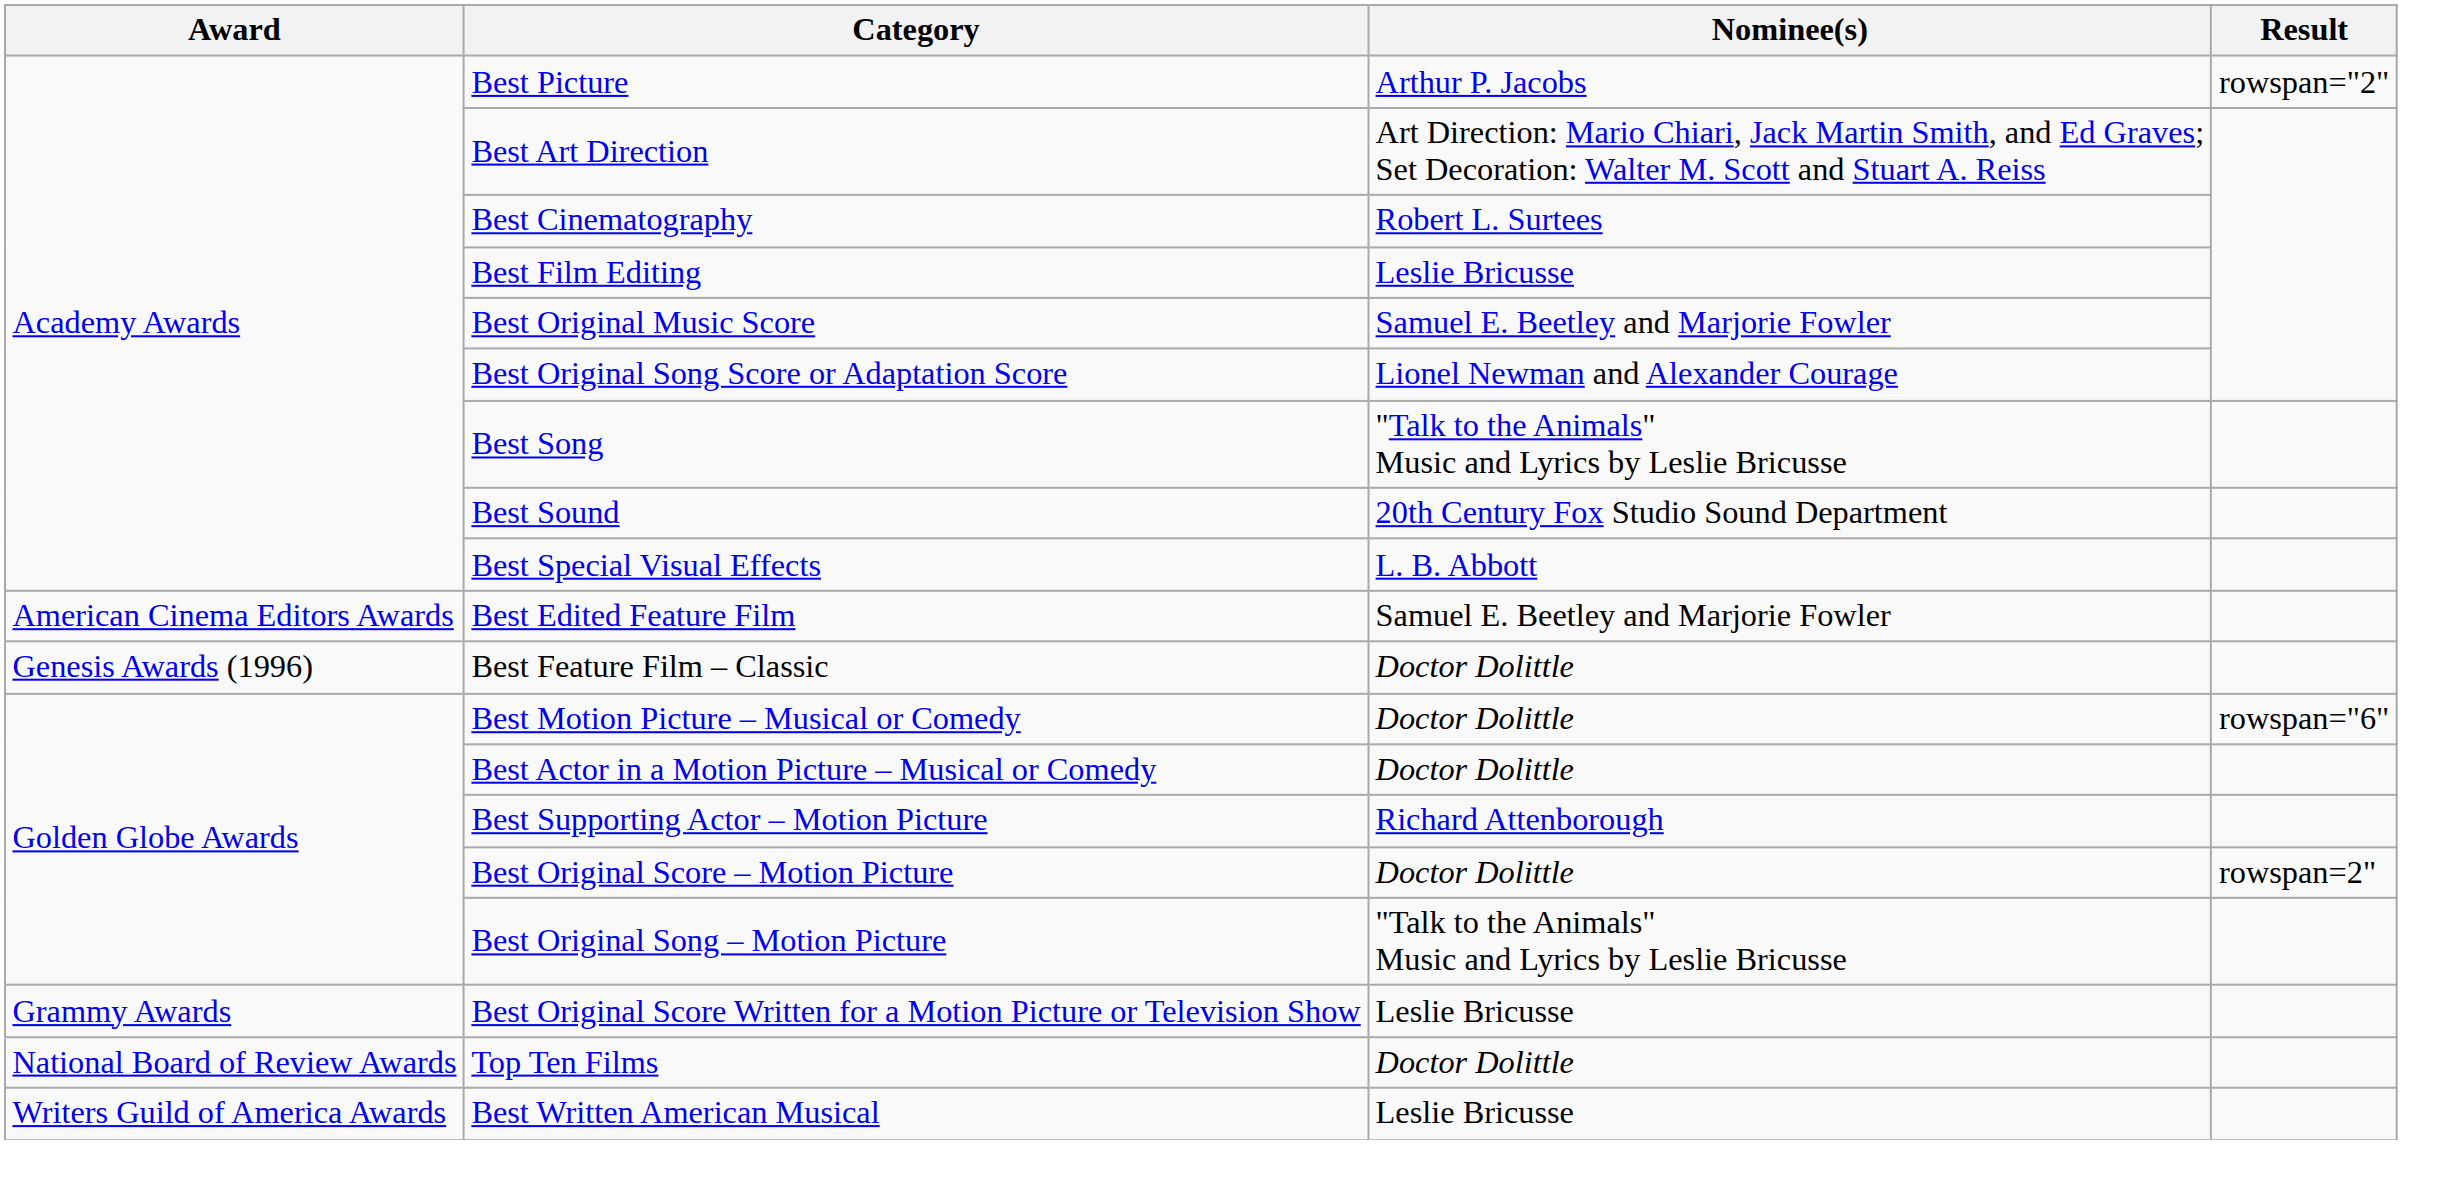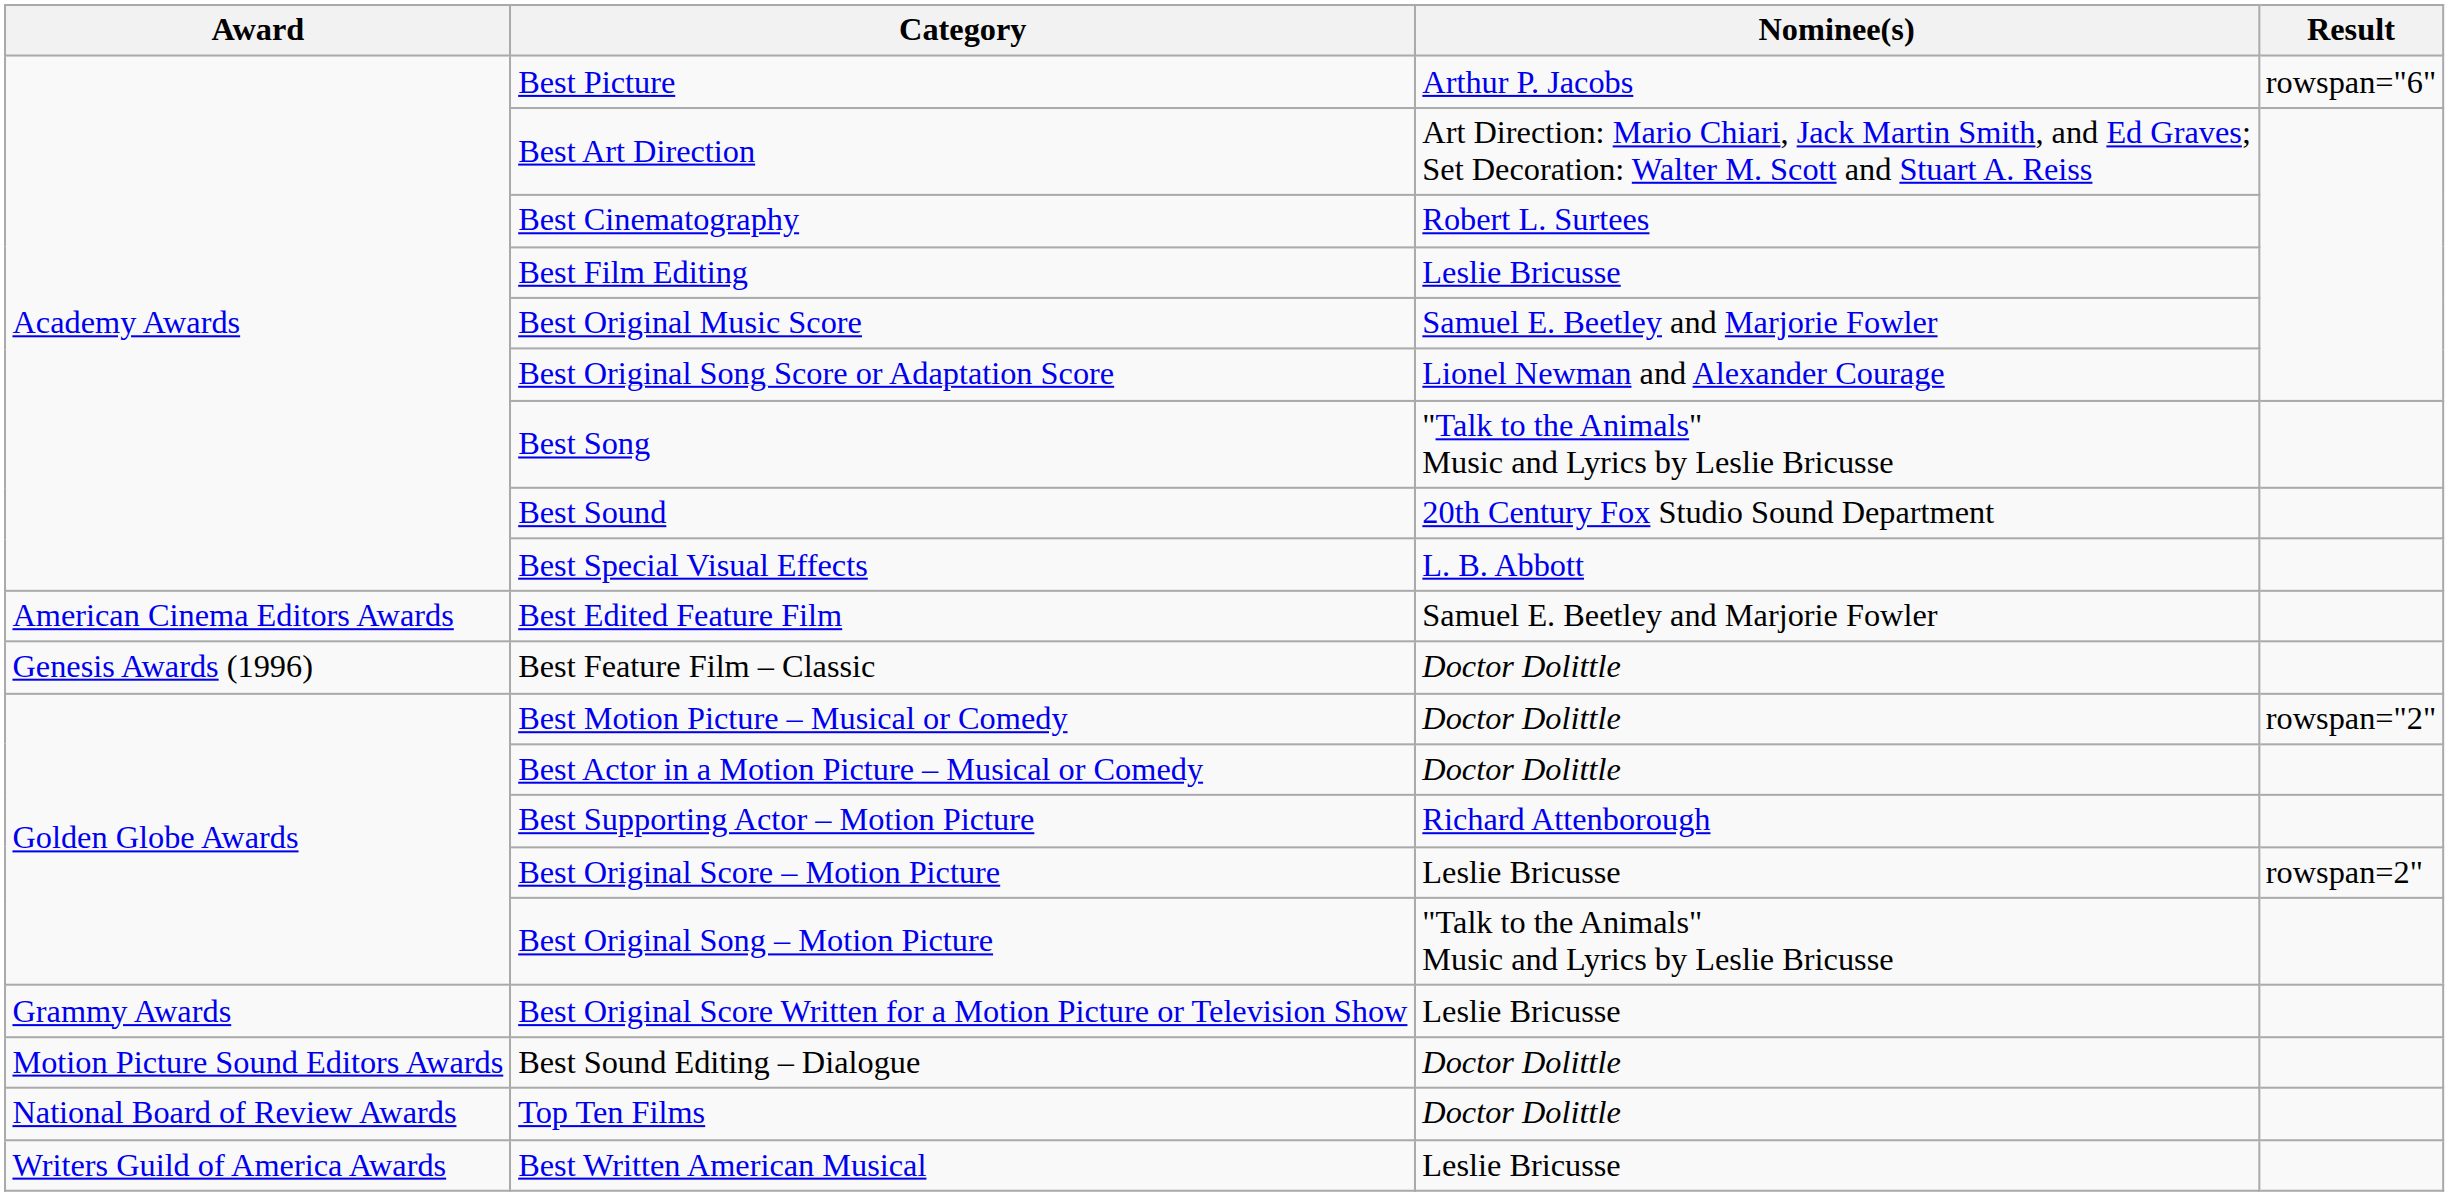 <table class="wikitable sortable plainrowheaders">
 <tr>
 <th>Award</th>
 <th>Category</th>
 <th>Nominee(s)</th>
 <th>Result</th>
 </tr>
 <tr>
 <td rowspan="9"><a href='#'>Academy Awards</a></td>
 <td><a href='#'>Best Picture</a></td>
 <td><a href='#'>Arthur P. Jacobs</a></td>
-<td>rowspan="2" </td>
+<td>rowspan="6" </td>
 </tr>
 <tr>
 <td><a href='#'>Best Art Direction</a></td>
 <td>Art Direction: <a href='#'>Mario Chiari</a>, <a href='#'>Jack Martin Smith</a>, and <a href='#'>Ed Graves</a>; <br> Set Decoration: <a href='#'>Walter M. Scott</a> and <a href='#'>Stuart A. Reiss</a></td>
 </tr>
 <tr>
 <td><a href='#'>Best Cinematography</a></td>
 <td><a href='#'>Robert L. Surtees</a></td>
 </tr>
 <tr>
 <td><a href='#'>Best Film Editing</a></td>
 <td><a href='#'>Leslie Bricusse</a></td>
 </tr>
 <tr>
 <td><a href='#'>Best Original Music Score</a></td>
 <td><a href='#'>Samuel E. Beetley</a> and <a href='#'>Marjorie Fowler</a></td>
 </tr>
 <tr>
 <td><a href='#'>Best Original Song Score or Adaptation Score</a></td>
 <td><a href='#'>Lionel Newman</a> and <a href='#'>Alexander Courage</a></td>
 </tr>
 <tr>
 <td><a href='#'>Best Song</a></td>
 <td>"<a href='#'>Talk to the Animals</a>" <br> Music and Lyrics by Leslie Bricusse</td>
 <td></td>
 </tr>
 <tr>
 <td><a href='#'>Best Sound</a></td>
 <td><a href='#'>20th Century Fox</a> Studio Sound Department</td>
 <td></td>
 </tr>
 <tr>
 <td><a href='#'>Best Special Visual Effects</a></td>
 <td><a href='#'>L. B. Abbott</a></td>
 <td></td>
 </tr>
 <tr>
 <td><a href='#'>American Cinema Editors Awards</a></td>
 <td><a href='#'>Best Edited Feature Film</a></td>
 <td>Samuel E. Beetley and Marjorie Fowler</td>
 <td></td>
 </tr>
 <tr>
 <td><a href='#'>Genesis Awards</a> (1996)</td>
 <td>Best Feature Film – Classic</td>
 <td><em>Doctor Dolittle</em></td>
 <td></td>
 </tr>
 <tr>
 <td rowspan="5"><a href='#'>Golden Globe Awards</a></td>
 <td><a href='#'>Best Motion Picture – Musical or Comedy</a></td>
 <td><em>Doctor Dolittle</em></td>
-<td>rowspan="6" </td>
+<td>rowspan="2" </td>
 </tr>
 <tr>
 <td><a href='#'>Best Actor in a Motion Picture – Musical or Comedy</a></td>
 <td><em>Doctor Dolittle</em></td>
 </tr>
 <tr>
 <td><a href='#'>Best Supporting Actor – Motion Picture</a></td>
 <td><a href='#'>Richard Attenborough</a></td>
 <td></td>
 </tr>
 <tr>
 <td><a href='#'>Best Original Score – Motion Picture</a></td>
-<td><em>Doctor Dolittle</em></td>
+<td>Leslie Bricusse</td>
 <td>rowspan=2" </td>
 </tr>
 <tr>
 <td><a href='#'>Best Original Song – Motion Picture</a></td>
 <td>"Talk to the Animals" <br> Music and Lyrics by Leslie Bricusse</td>
 </tr>
 <tr>
 <td><a href='#'>Grammy Awards</a></td>
 <td><a href='#'>Best Original Score Written for a Motion Picture or Television Show</a></td>
 <td>Leslie Bricusse</td>
+<td></td>
+</tr>
+<tr>
+<td><a href='#'>Motion Picture Sound Editors Awards</a></td>
+<td>Best Sound Editing – Dialogue</td>
+<td><em>Doctor Dolittle</em></td>
 <td></td>
 </tr>
 <tr>
 <td><a href='#'>National Board of Review Awards</a></td>
 <td><a href='#'>Top Ten Films</a></td>
 <td><em>Doctor Dolittle</em></td>
 <td></td>
 </tr>
 <tr>
 <td><a href='#'>Writers Guild of America Awards</a></td>
 <td><a href='#'>Best Written American Musical</a></td>
 <td>Leslie Bricusse</td>
 <td></td>
 </tr>
 </table>
